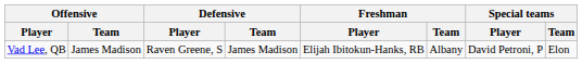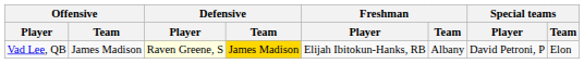 <table class="wikitable" border="1">
 <tr>
 <th colspan="2">Offensive</th>
 <th colspan="2">Defensive</th>
 <th colspan="2">Freshman</th>
 <th colspan="2">Special teams</th>
 </tr>
 <tr>
 <th>Player</th>
 <th>Team</th>
 <th>Player</th>
 <th>Team</th>
 <th>Player</th>
 <th>Team</th>
 <th>Player</th>
 <th>Team</th>
 </tr>
 <tr>
 <td><a href='#'>Vad Lee</a>, QB</td>
 <td>James Madison</td>
-<td>Raven Greene, S</td>
-<td>James Madison</td>
+<td style="background: lightyellow;">Raven Greene, S</td>
+<td style="background: gold;">James Madison</td>
 <td>Elijah Ibitokun-Hanks, RB</td>
 <td>Albany</td>
 <td>David Petroni, P</td>
 <td>Elon</td>
 </tr>
 </table>
